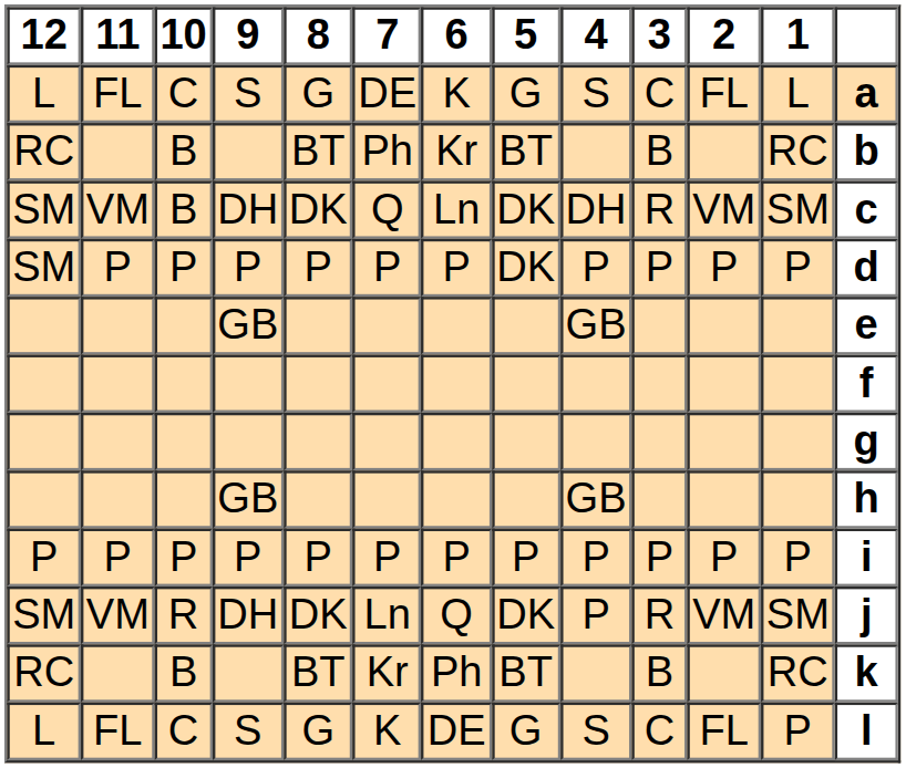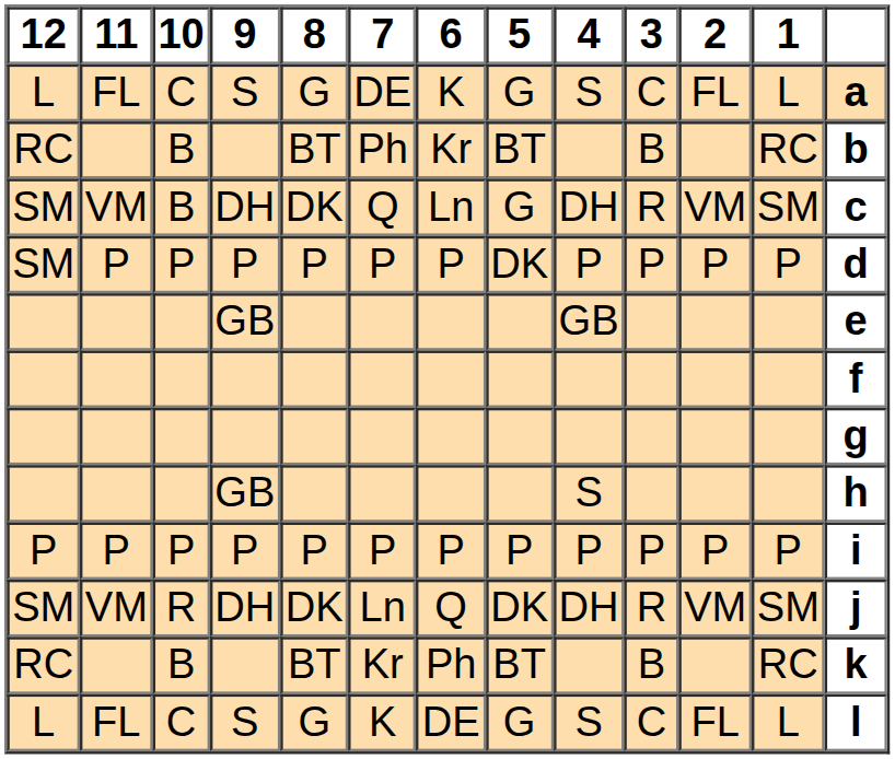 <table style="background:#ffdead" border="1" cellspacing="0">
 <tr style="background:white;">
 <th style="width:17px">12</th>
 <th ! style="width:17px">11</th>
 <th style="width:17px">10</th>
 <th style="width:17px">9</th>
 <th style="width:17px">8</th>
 <th style="width:17px">7</th>
 <th style="width:17px">6</th>
 <th style="width:17px">5</th>
 <th style="width:17px">4</th>
 <th style="width:17px">3</th>
 <th style="width:17px">2</th>
 <th style="width:17px">1</th>
 <th style="width:20px"></th>
 </tr>
 <tr align=center>
 <td>L</td>
 <td>FL</td>
 <td>C</td>
 <td>S</td>
 <td>G</td>
 <td>DE</td>
 <td>K</td>
 <td>G</td>
 <td>S</td>
 <td>C</td>
 <td>FL</td>
 <td>L</td>
 <td style="width:15px" style="background:white;"><strong>a</strong></td>
 </tr>
 <tr align=center>
 <td>RC</td>
 <td></td>
 <td>B</td>
 <td></td>
 <td>BT</td>
 <td>Ph</td>
 <td>Kr</td>
 <td>BT</td>
 <td></td>
 <td>B</td>
 <td></td>
 <td>RC</td>
 <td style="background:white;"><strong>b</strong></td>
 </tr>
 <tr align=center>
 <td>SM</td>
 <td>VM</td>
 <td>B</td>
 <td>DH</td>
 <td>DK</td>
 <td>Q</td>
 <td>Ln</td>
-<td>DK</td>
+<td>G</td>
 <td>DH</td>
 <td>R</td>
 <td>VM</td>
 <td>SM</td>
 <td style="background:white;"><strong>c</strong></td>
 </tr>
 <tr align=center>
 <td>SM</td>
 <td>P</td>
 <td>P</td>
 <td>P</td>
 <td>P</td>
 <td>P</td>
 <td>P</td>
 <td>DK</td>
 <td>P</td>
 <td>P</td>
 <td>P</td>
 <td>P</td>
 <td style="background:white;"><strong>d</strong></td>
 </tr>
 <tr align=center>
 <td></td>
 <td></td>
 <td></td>
 <td>GB</td>
 <td></td>
 <td></td>
 <td></td>
 <td></td>
 <td>GB</td>
 <td></td>
 <td></td>
 <td></td>
 <td style="background:white;"><strong>e</strong></td>
 </tr>
 <tr align=center>
 <td></td>
 <td></td>
 <td></td>
 <td></td>
 <td></td>
 <td></td>
 <td></td>
 <td></td>
 <td></td>
 <td></td>
 <td></td>
 <td></td>
 <td style="background:white;"><strong>f</strong></td>
 </tr>
 <tr align=center>
 <td></td>
 <td></td>
 <td></td>
 <td></td>
 <td></td>
 <td></td>
 <td></td>
 <td></td>
 <td></td>
 <td></td>
 <td></td>
 <td></td>
 <td style="background:white;"><strong>g</strong></td>
 </tr>
 <tr align=center>
 <td></td>
 <td></td>
 <td></td>
 <td>GB</td>
 <td></td>
 <td></td>
 <td></td>
 <td></td>
-<td>GB</td>
+<td>S</td>
 <td></td>
 <td></td>
 <td></td>
 <td style="background:white;"><strong>h</strong></td>
 </tr>
 <tr align=center>
 <td>P</td>
 <td>P</td>
 <td>P</td>
 <td>P</td>
 <td>P</td>
 <td>P</td>
 <td>P</td>
 <td>P</td>
 <td>P</td>
 <td>P</td>
 <td>P</td>
 <td>P</td>
 <td style="background:white;"><strong>i</strong></td>
 </tr>
 <tr align=center>
 <td>SM</td>
 <td>VM</td>
 <td>R</td>
 <td>DH</td>
 <td>DK</td>
 <td>Ln</td>
 <td>Q</td>
 <td>DK</td>
-<td>P</td>
+<td>DH</td>
 <td>R</td>
 <td>VM</td>
 <td>SM</td>
 <td style="background:white;"><strong>j</strong></td>
 </tr>
 <tr align=center>
 <td>RC</td>
 <td></td>
 <td>B</td>
 <td></td>
 <td>BT</td>
 <td>Kr</td>
 <td>Ph</td>
 <td>BT</td>
 <td></td>
 <td>B</td>
 <td></td>
 <td>RC</td>
 <td style="background:white;"><strong>k</strong></td>
 </tr>
 <tr align=center>
 <td>L</td>
 <td>FL</td>
 <td>C</td>
 <td>S</td>
 <td>G</td>
 <td>K</td>
 <td>DE</td>
 <td>G</td>
 <td>S</td>
 <td>C</td>
 <td>FL</td>
-<td>P</td>
+<td>L</td>
 <td style="background:white;"><strong>l</strong></td>
 </tr>
 </table>
